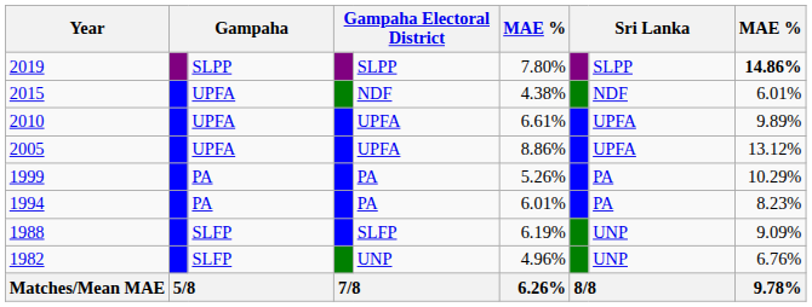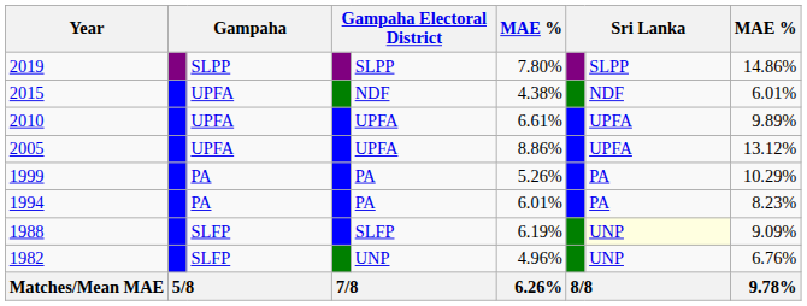 <table class="wikitable">
 <tr>
 <th>Year</th>
 <th colspan="2" width="144px">Gampaha</th>
 <th colspan="2" width="144px"><a href='#'>Gampaha Electoral District</a></th>
 <th><a href='#'>MAE</a> %</th>
 <th colspan="2" width="144px">Sri Lanka</th>
 <th>MAE %</th>
 </tr>
 <tr>
 <td><a href='#'>2019</a></td>
 <td style="background-color:purple;" width="10px"></td>
 <td style="text-align:left;"><a href='#'>SLPP</a></td>
 <td style="background-color:purple;" width="10px"></td>
 <td style="text-align:left;"><a href='#'>SLPP</a></td>
 <td style="text-align:right;">7.80%</td>
 <td style="background-color:purple;" width="10px"></td>
 <td style="text-align:left;"><a href='#'>SLPP</a></td>
-<td style="text-align:right;"><strong>14.86%</strong></td>
+<td style="text-align:right;">14.86%</td>
 </tr>
 <tr>
 <td><a href='#'>2015</a></td>
 <td style="background-color:blue;" width="10px"></td>
 <td style="text-align:left;"><a href='#'>UPFA</a></td>
 <td style="background-color:green;" width="10px"></td>
 <td style="text-align:left;"><a href='#'>NDF</a></td>
 <td style="text-align:right;">4.38%</td>
 <td style="background-color:green;" width="10px"></td>
 <td style="text-align:left;"><a href='#'>NDF</a></td>
 <td style="text-align:right;">6.01%</td>
 </tr>
 <tr>
 <td><a href='#'>2010</a></td>
 <td style="background-color:blue;" width="10px"></td>
 <td style="text-align:left;"><a href='#'>UPFA</a></td>
 <td style="background-color:blue;" width="10px"></td>
 <td style="text-align:left;"><a href='#'>UPFA</a></td>
 <td style="text-align:right;">6.61%</td>
 <td style="background-color:blue;" width="10px"></td>
 <td style="text-align:left;"><a href='#'>UPFA</a></td>
 <td style="text-align:right;">9.89%</td>
 </tr>
 <tr>
 <td><a href='#'>2005</a></td>
 <td style="background-color:blue;" width="10px"></td>
 <td style="text-align:left;"><a href='#'>UPFA</a></td>
 <td style="background-color:blue;" width="10px"></td>
 <td style="text-align:left;"><a href='#'>UPFA</a></td>
 <td style="text-align:right;">8.86%</td>
 <td style="background-color:blue;" width="10px"></td>
 <td style="text-align:left;"><a href='#'>UPFA</a></td>
 <td style="text-align:right;">13.12%</td>
 </tr>
 <tr>
 <td><a href='#'>1999</a></td>
 <td style="background-color:blue;" width="10px"></td>
 <td style="text-align:left;"><a href='#'>PA</a></td>
 <td style="background-color:blue;" width="10px"></td>
 <td style="text-align:left;"><a href='#'>PA</a></td>
 <td style="text-align:right;">5.26%</td>
 <td style="background-color:blue;" width="10px"></td>
 <td style="text-align:left;"><a href='#'>PA</a></td>
 <td style="text-align:right;">10.29%</td>
 </tr>
 <tr>
 <td><a href='#'>1994</a></td>
 <td style="background-color:blue;" width="10px"></td>
 <td style="text-align:left;"><a href='#'>PA</a></td>
 <td style="background-color:blue;" width="10px"></td>
 <td style="text-align:left;"><a href='#'>PA</a></td>
 <td style="text-align:right;">6.01%</td>
 <td style="background-color:blue;" width="10px"></td>
 <td style="text-align:left;"><a href='#'>PA</a></td>
 <td style="text-align:right;">8.23%</td>
 </tr>
 <tr>
 <td><a href='#'>1988</a></td>
 <td style="background-color:blue;" width="10px"></td>
 <td style="text-align:left;"><a href='#'>SLFP</a></td>
 <td style="background-color:blue;" width="10px"></td>
 <td style="text-align:left;"><a href='#'>SLFP</a></td>
 <td style="text-align:right;">6.19%</td>
 <td style="background-color:green;" width="10px"></td>
-<td style="text-align:left;"><a href='#'>UNP</a></td>
+<td style="background: lightyellow; text-align:left;"><a href='#'>UNP</a></td>
 <td style="text-align:right;">9.09%</td>
 </tr>
 <tr>
 <td><a href='#'>1982</a></td>
 <td style="background-color:blue;" width="10px"></td>
 <td style="text-align:left;"><a href='#'>SLFP</a></td>
 <td style="background-color:green;" width="10px"></td>
 <td style="text-align:left;"><a href='#'>UNP</a></td>
 <td style="text-align:right;">4.96%</td>
 <td style="background-color:green;" width="10px"></td>
 <td style="text-align:left;"><a href='#'>UNP</a></td>
 <td style="text-align:right;">6.76%</td>
 </tr>
 <tr>
 <th>Matches/Mean MAE</th>
 <th style="text-align:left;"colspan="2" width="144px">5/8</th>
 <th style="text-align:left;"colspan="2" width="144px">7/8</th>
 <th style="text-align:right;">6.26%</th>
 <th style="text-align:left;"colspan="2" width="144px">8/8</th>
 <th style="text-align:right;">9.78%</th>
 </tr>
 </table>
